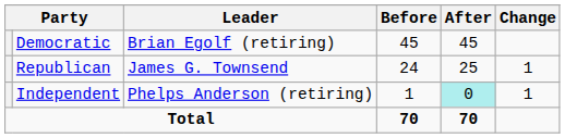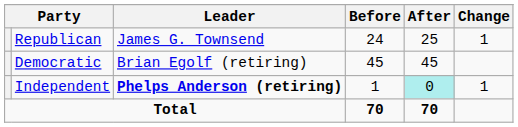 <table class="wikitable" style="text-align:center;">
 <tr>
 </tr>
 <tr>
 <th colspan=2>Party</th>
 <th>Leader</th>
 <th style="width:3em">Before</th>
 <th style="width:3em">After</th>
 <th style="width:3em">Change</th>
 </tr>
 <tr>
 <th style="background-color:"></th>
+<td style="text-align:left;"><a href='#'>Republican</a></td>
+<td style="text-align:left;"><a href='#'>James G. Townsend</a></td>
+<td>24</td>
+<td>25</td>
+<td>1</td>
+</tr>
+<tr>
+<th style="background-color:"></th>
 <td style="text-align:left;"><a href='#'>Democratic</a></td>
 <td style="text-align:left;"><a href='#'>Brian Egolf</a> (retiring)</td>
 <td>45</td>
 <td>45</td>
 <td></td>
 </tr>
 <tr>
 <th style="background-color:"></th>
-<td style="text-align:left;"><a href='#'>Republican</a></td>
-<td style="text-align:left;"><a href='#'>James G. Townsend</a></td>
-<td>24</td>
-<td>25</td>
-<td>1</td>
-</tr>
-<tr>
-<th style="background-color:"></th>
 <td style="text-align:left;"><a href='#'>Independent</a></td>
-<td style="text-align:left;"><a href='#'>Phelps Anderson</a> (retiring)</td>
+<td style="text-align:left;"><strong><a href='#'>Phelps Anderson</a> (retiring)</strong></td>
 <td>1</td>
 <td style="background: paleturquoise;">0</td>
 <td>1</td>
 </tr>
 <tr>
 <td colspan=3><strong>Total</strong></td>
 <td><strong>70</strong></td>
 <td><strong>70</strong></td>
 <td></td>
 </tr>
 </table>
